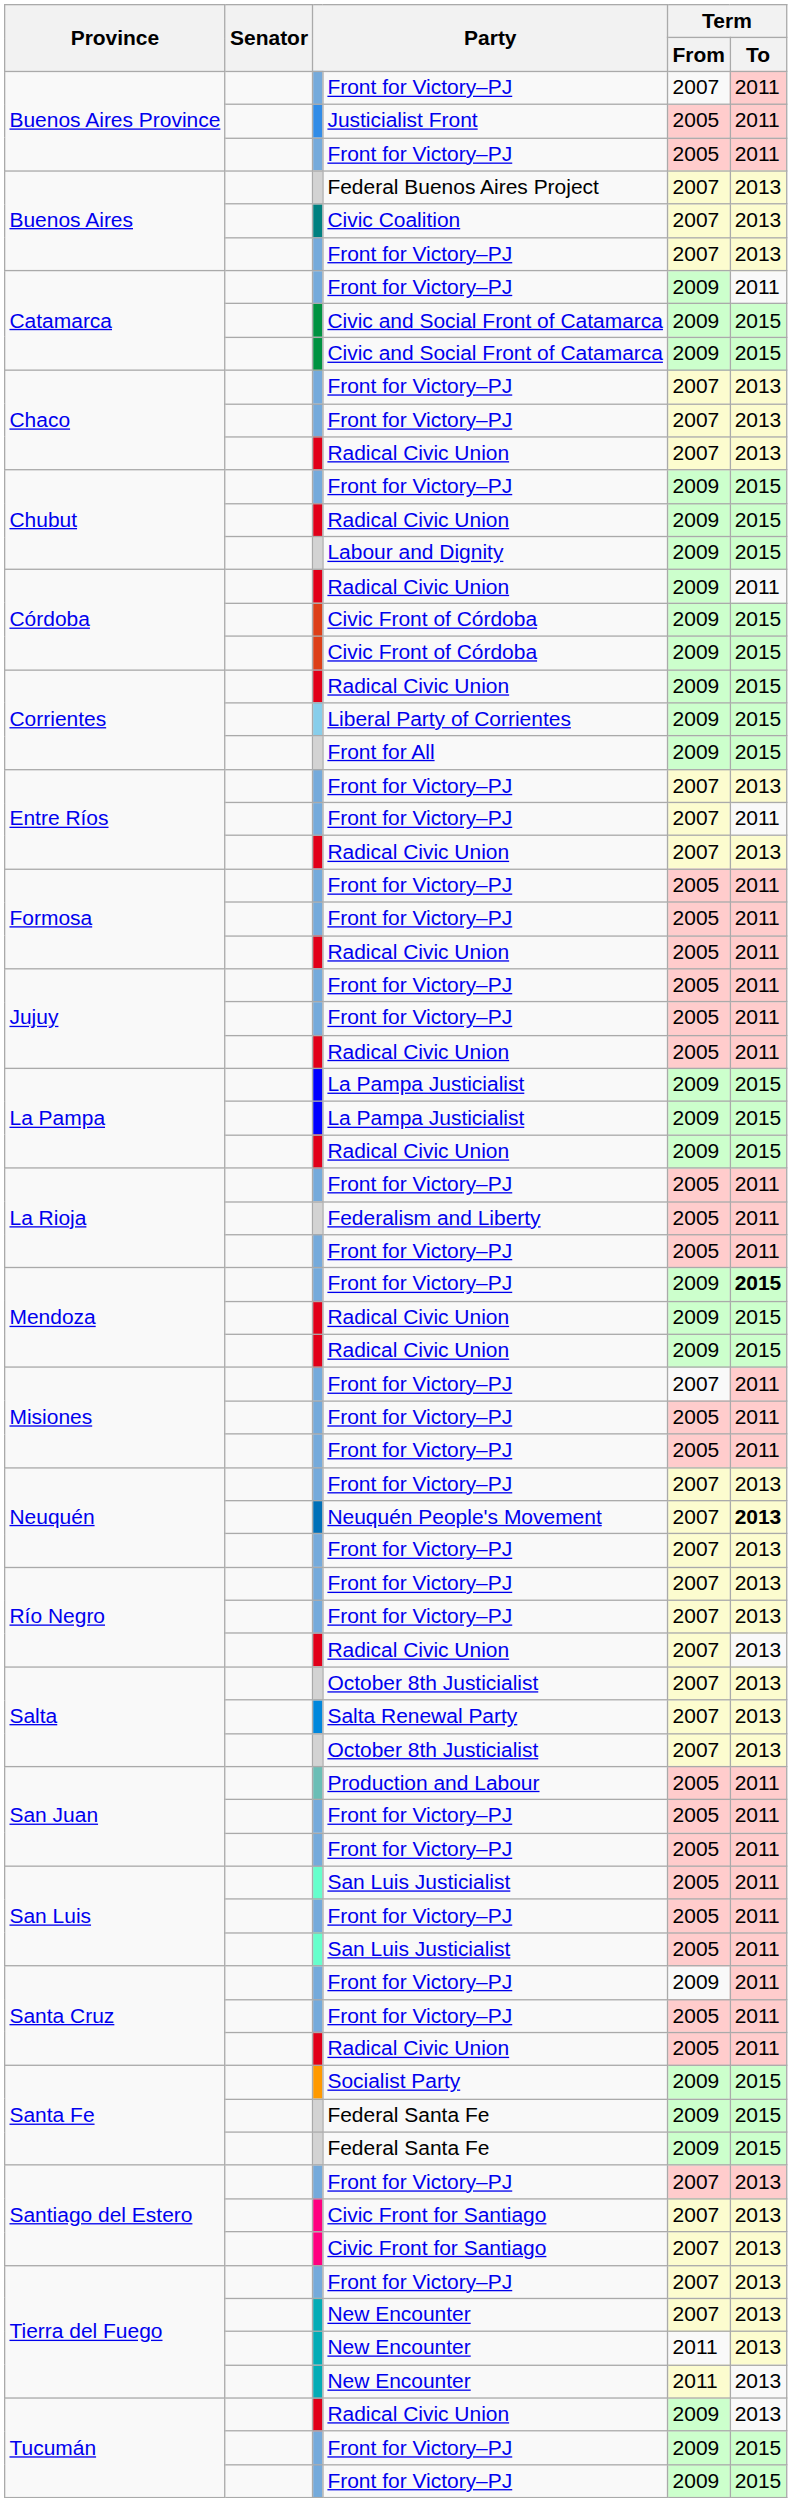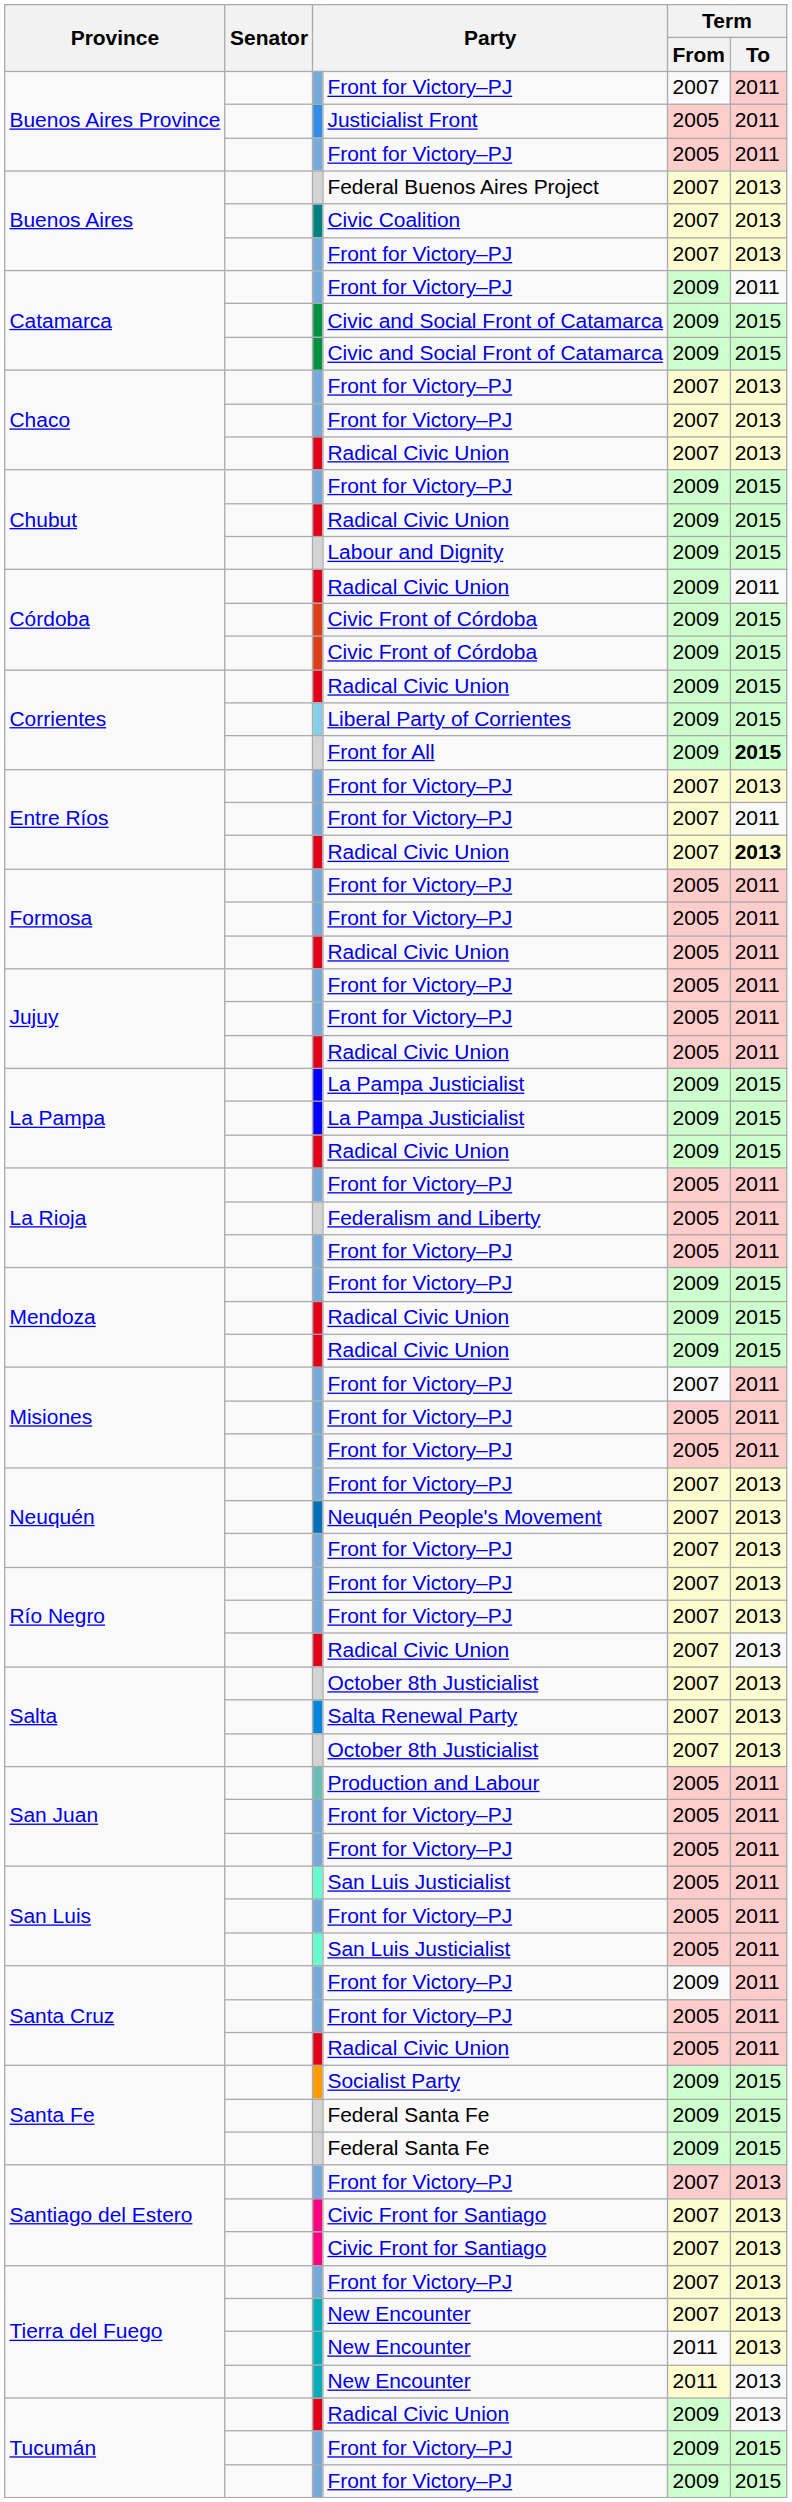 <table class="sortable wikitable">
 <tr>
 <th rowspan=2>Province</th>
 <th rowspan=2>Senator</th>
 <th colspan=2 rowspan=2>Party</th>
 <th colspan=2>Term</th>
 </tr>
 <tr>
 <th>From</th>
 <th>To</th>
 </tr>
 <tr>
 <td rowspan=3><a href='#'>Buenos Aires Province</a></td>
 <td></td>
 <td bgcolor=#75AADB></td>
 <td><a href='#'>Front for Victory–PJ</a></td>
 <td>2007</td>
 <td bgcolor=#fcc>2011</td>
 </tr>
 <tr>
 <td></td>
 <td bgcolor=#318CE7></td>
 <td><a href='#'>Justicialist Front</a></td>
 <td bgcolor=#fcc>2005</td>
 <td bgcolor=#fcc>2011</td>
 </tr>
 <tr>
 <td></td>
 <td bgcolor=#75AADB></td>
 <td><a href='#'>Front for Victory–PJ</a></td>
 <td bgcolor=#fcc>2005</td>
 <td bgcolor=#fcc>2011</td>
 </tr>
 <tr>
 <td rowspan=3><a href='#'>Buenos Aires</a></td>
 <td></td>
 <td bgcolor=#D3D3D3></td>
 <td>Federal Buenos Aires Project</td>
 <td bgcolor="#fcfccf">2007</td>
 <td bgcolor="#fcfccf">2013</td>
 </tr>
 <tr>
 <td></td>
 <td bgcolor=#008080></td>
 <td><a href='#'>Civic Coalition</a></td>
 <td bgcolor="#fcfccf">2007</td>
 <td bgcolor="#fcfccf">2013</td>
 </tr>
 <tr>
 <td></td>
 <td bgcolor=#75AADB></td>
 <td><a href='#'>Front for Victory–PJ</a></td>
 <td bgcolor="#fcfccf">2007</td>
 <td bgcolor="#fcfccf">2013</td>
 </tr>
 <tr>
 <td rowspan=3><a href='#'>Catamarca</a></td>
 <td></td>
 <td bgcolor=#75AADB></td>
 <td><a href='#'>Front for Victory–PJ</a></td>
 <td bgcolor=#cfc>2009</td>
 <td>2011</td>
 </tr>
 <tr>
 <td></td>
 <td bgcolor=#009241></td>
 <td><a href='#'>Civic and Social Front of Catamarca</a></td>
 <td bgcolor=#cfc>2009</td>
 <td bgcolor=#cfc>2015</td>
 </tr>
 <tr>
 <td></td>
 <td bgcolor=#009241></td>
 <td><a href='#'>Civic and Social Front of Catamarca</a></td>
 <td bgcolor=#cfc>2009</td>
 <td bgcolor=#cfc>2015</td>
 </tr>
 <tr>
 <td rowspan=3><a href='#'>Chaco</a></td>
 <td></td>
 <td bgcolor=#75AADB></td>
 <td><a href='#'>Front for Victory–PJ</a></td>
 <td bgcolor="#fcfccf">2007</td>
 <td bgcolor="#fcfccf">2013</td>
 </tr>
 <tr>
 <td></td>
 <td bgcolor=#75AADB></td>
 <td><a href='#'>Front for Victory–PJ</a></td>
 <td bgcolor="#fcfccf">2007</td>
 <td bgcolor="#fcfccf">2013</td>
 </tr>
 <tr>
 <td></td>
 <td bgcolor=#E10019></td>
 <td><a href='#'>Radical Civic Union</a></td>
 <td bgcolor="#fcfccf">2007</td>
 <td bgcolor="#fcfccf">2013</td>
 </tr>
 <tr>
 <td rowspan=3><a href='#'>Chubut</a></td>
 <td></td>
 <td bgcolor=#75AADB></td>
 <td><a href='#'>Front for Victory–PJ</a></td>
 <td bgcolor=#cfc>2009</td>
 <td bgcolor=#cfc>2015</td>
 </tr>
 <tr>
 <td></td>
 <td bgcolor=#E10019></td>
 <td><a href='#'>Radical Civic Union</a></td>
 <td bgcolor=#cfc>2009</td>
 <td bgcolor=#cfc>2015</td>
 </tr>
 <tr>
 <td></td>
 <td bgcolor=#D3D3D3></td>
 <td><a href='#'>Labour and Dignity</a></td>
 <td bgcolor=#cfc>2009</td>
 <td bgcolor=#cfc>2015</td>
 </tr>
 <tr>
 <td rowspan=3><a href='#'>Córdoba</a></td>
 <td></td>
 <td bgcolor=#E10019></td>
 <td><a href='#'>Radical Civic Union</a></td>
 <td bgcolor=#cfc>2009</td>
 <td>2011</td>
 </tr>
 <tr>
 <td></td>
 <td bgcolor=#dd3f18></td>
 <td><a href='#'>Civic Front of Córdoba</a></td>
 <td bgcolor=#cfc>2009</td>
 <td bgcolor=#cfc>2015</td>
 </tr>
 <tr>
 <td></td>
 <td bgcolor=#dd3f18></td>
 <td><a href='#'>Civic Front of Córdoba</a></td>
 <td bgcolor=#cfc>2009</td>
 <td bgcolor=#cfc>2015</td>
 </tr>
 <tr>
 <td rowspan=3><a href='#'>Corrientes</a></td>
 <td></td>
 <td bgcolor=#E10019></td>
 <td><a href='#'>Radical Civic Union</a></td>
 <td bgcolor=#cfc>2009</td>
 <td bgcolor=#cfc>2015</td>
 </tr>
 <tr>
 <td></td>
 <td bgcolor=skyblue></td>
 <td><a href='#'>Liberal Party of Corrientes</a></td>
 <td bgcolor=#cfc>2009</td>
 <td bgcolor=#cfc>2015</td>
 </tr>
 <tr>
 <td></td>
 <td bgcolor=#D3D3D3></td>
 <td><a href='#'>Front for All</a></td>
 <td bgcolor=#cfc>2009</td>
-<td bgcolor=#cfc>2015</td>
+<td bgcolor=#cfc><strong>2015</strong></td>
 </tr>
 <tr>
 <td rowspan=3><a href='#'>Entre Ríos</a></td>
 <td></td>
 <td bgcolor=#75AADB></td>
 <td><a href='#'>Front for Victory–PJ</a></td>
 <td bgcolor="#fcfccf">2007</td>
 <td bgcolor="#fcfccf">2013</td>
 </tr>
 <tr>
 <td></td>
 <td bgcolor=#75AADB></td>
 <td><a href='#'>Front for Victory–PJ</a></td>
 <td bgcolor="#fcfccf">2007</td>
 <td>2011</td>
 </tr>
 <tr>
 <td></td>
 <td bgcolor=#E10019></td>
 <td><a href='#'>Radical Civic Union</a></td>
 <td bgcolor="#fcfccf">2007</td>
-<td bgcolor="#fcfccf">2013</td>
+<td bgcolor="#fcfccf"><strong>2013</strong></td>
 </tr>
 <tr>
 <td rowspan=3><a href='#'>Formosa</a></td>
 <td></td>
 <td bgcolor=#75AADB></td>
 <td><a href='#'>Front for Victory–PJ</a></td>
 <td bgcolor=#fcc>2005</td>
 <td bgcolor=#fcc>2011</td>
 </tr>
 <tr>
 <td></td>
 <td bgcolor=#75AADB></td>
 <td><a href='#'>Front for Victory–PJ</a></td>
 <td bgcolor=#fcc>2005</td>
 <td bgcolor=#fcc>2011</td>
 </tr>
 <tr>
 <td></td>
 <td bgcolor=#E10019></td>
 <td><a href='#'>Radical Civic Union</a></td>
 <td bgcolor=#fcc>2005</td>
 <td bgcolor=#fcc>2011</td>
 </tr>
 <tr>
 <td rowspan=3><a href='#'>Jujuy</a></td>
 <td></td>
 <td bgcolor=#75AADB></td>
 <td><a href='#'>Front for Victory–PJ</a></td>
 <td bgcolor=#fcc>2005</td>
 <td bgcolor=#fcc>2011</td>
 </tr>
 <tr>
 <td></td>
 <td bgcolor=#75AADB></td>
 <td><a href='#'>Front for Victory–PJ</a></td>
 <td bgcolor=#fcc>2005</td>
 <td bgcolor=#fcc>2011</td>
 </tr>
 <tr>
 <td></td>
 <td bgcolor=#E10019></td>
 <td><a href='#'>Radical Civic Union</a></td>
 <td bgcolor=#fcc>2005</td>
 <td bgcolor=#fcc>2011</td>
 </tr>
 <tr>
 <td rowspan=3><a href='#'>La Pampa</a></td>
 <td></td>
 <td bgcolor=blue></td>
 <td><a href='#'>La Pampa Justicialist</a></td>
 <td bgcolor=#cfc>2009</td>
 <td bgcolor=#cfc>2015</td>
 </tr>
 <tr>
 <td></td>
 <td bgcolor=blue></td>
 <td><a href='#'>La Pampa Justicialist</a></td>
 <td bgcolor=#cfc>2009</td>
 <td bgcolor=#cfc>2015</td>
 </tr>
 <tr>
 <td></td>
 <td bgcolor=#E10019></td>
 <td><a href='#'>Radical Civic Union</a></td>
 <td bgcolor=#cfc>2009</td>
 <td bgcolor=#cfc>2015</td>
 </tr>
 <tr>
 <td rowspan=3><a href='#'>La Rioja</a></td>
 <td></td>
 <td bgcolor=#75AADB></td>
 <td><a href='#'>Front for Victory–PJ</a></td>
 <td bgcolor=#fcc>2005</td>
 <td bgcolor=#fcc>2011</td>
 </tr>
 <tr>
 <td></td>
 <td bgcolor=#D3D3D3></td>
 <td><a href='#'>Federalism and Liberty</a></td>
 <td bgcolor=#fcc>2005</td>
 <td bgcolor=#fcc>2011</td>
 </tr>
 <tr>
 <td></td>
 <td bgcolor=#75AADB></td>
 <td><a href='#'>Front for Victory–PJ</a></td>
 <td bgcolor=#fcc>2005</td>
 <td bgcolor=#fcc>2011</td>
 </tr>
 <tr>
 <td rowspan=3><a href='#'>Mendoza</a></td>
 <td></td>
 <td bgcolor=#75AADB></td>
 <td><a href='#'>Front for Victory–PJ</a></td>
 <td bgcolor=#cfc>2009</td>
-<td bgcolor=#cfc><strong>2015</strong></td>
+<td bgcolor=#cfc>2015</td>
 </tr>
 <tr>
 <td></td>
 <td bgcolor=#E10019></td>
 <td><a href='#'>Radical Civic Union</a></td>
 <td bgcolor=#cfc>2009</td>
 <td bgcolor=#cfc>2015</td>
 </tr>
 <tr>
 <td></td>
 <td bgcolor=#E10019></td>
 <td><a href='#'>Radical Civic Union</a></td>
 <td bgcolor=#cfc>2009</td>
 <td bgcolor=#cfc>2015</td>
 </tr>
 <tr>
 <td rowspan=3><a href='#'>Misiones</a></td>
 <td></td>
 <td bgcolor=#75AADB></td>
 <td><a href='#'>Front for Victory–PJ</a></td>
 <td>2007</td>
 <td bgcolor=#fcc>2011</td>
 </tr>
 <tr>
 <td></td>
 <td bgcolor=#75AADB></td>
 <td><a href='#'>Front for Victory–PJ</a></td>
 <td bgcolor=#fcc>2005</td>
 <td bgcolor=#fcc>2011</td>
 </tr>
 <tr>
 <td></td>
 <td bgcolor=#75AADB></td>
 <td><a href='#'>Front for Victory–PJ</a></td>
 <td bgcolor=#fcc>2005</td>
 <td bgcolor=#fcc>2011</td>
 </tr>
 <tr>
 <td rowspan=3><a href='#'>Neuquén</a></td>
 <td></td>
 <td bgcolor=#75AADB></td>
 <td><a href='#'>Front for Victory–PJ</a></td>
 <td bgcolor="#fcfccf">2007</td>
 <td bgcolor="#fcfccf">2013</td>
 </tr>
 <tr>
 <td></td>
 <td bgcolor=#0070b8></td>
 <td><a href='#'>Neuquén People's Movement</a></td>
 <td bgcolor="#fcfccf">2007</td>
-<td bgcolor="#fcfccf"><strong>2013</strong></td>
+<td bgcolor="#fcfccf">2013</td>
 </tr>
 <tr>
 <td></td>
 <td bgcolor=#75AADB></td>
 <td><a href='#'>Front for Victory–PJ</a></td>
 <td bgcolor="#fcfccf">2007</td>
 <td bgcolor="#fcfccf">2013</td>
 </tr>
 <tr>
 <td rowspan=3><a href='#'>Río Negro</a></td>
 <td></td>
 <td bgcolor=#75AADB></td>
 <td><a href='#'>Front for Victory–PJ</a></td>
 <td bgcolor="#fcfccf">2007</td>
 <td bgcolor="#fcfccf">2013</td>
 </tr>
 <tr>
 <td></td>
 <td bgcolor=#75AADB></td>
 <td><a href='#'>Front for Victory–PJ</a></td>
 <td bgcolor="#fcfccf">2007</td>
 <td bgcolor="#fcfccf">2013</td>
 </tr>
 <tr>
 <td></td>
 <td bgcolor=#E10019></td>
 <td><a href='#'>Radical Civic Union</a></td>
 <td bgcolor="#fcfccf">2007</td>
 <td>2013</td>
 </tr>
 <tr>
 <td rowspan=3><a href='#'>Salta</a></td>
 <td></td>
 <td bgcolor=#D3D3D3></td>
 <td><a href='#'>October 8th Justicialist</a></td>
 <td bgcolor="#fcfccf">2007</td>
 <td bgcolor="#fcfccf">2013</td>
 </tr>
 <tr>
 <td></td>
 <td bgcolor=#0087DC></td>
 <td><a href='#'>Salta Renewal Party</a></td>
 <td bgcolor="#fcfccf">2007</td>
 <td bgcolor="#fcfccf">2013</td>
 </tr>
 <tr>
 <td></td>
 <td bgcolor=#D3D3D3></td>
 <td><a href='#'>October 8th Justicialist</a></td>
 <td bgcolor="#fcfccf">2007</td>
 <td bgcolor="#fcfccf">2013</td>
 </tr>
 <tr>
 <td rowspan=3><a href='#'>San Juan</a></td>
 <td></td>
 <td bgcolor=#6bbeb6></td>
 <td><a href='#'>Production and Labour</a></td>
 <td bgcolor=#fcc>2005</td>
 <td bgcolor=#fcc>2011</td>
 </tr>
 <tr>
 <td></td>
 <td bgcolor=#75AADB></td>
 <td><a href='#'>Front for Victory–PJ</a></td>
 <td bgcolor=#fcc>2005</td>
 <td bgcolor=#fcc>2011</td>
 </tr>
 <tr>
 <td></td>
 <td bgcolor=#75AADB></td>
 <td><a href='#'>Front for Victory–PJ</a></td>
 <td bgcolor=#fcc>2005</td>
 <td bgcolor=#fcc>2011</td>
 </tr>
 <tr>
 <td rowspan=3><a href='#'>San Luis</a></td>
 <td></td>
 <td bgcolor=#66FFCC></td>
 <td><a href='#'>San Luis Justicialist</a></td>
 <td bgcolor=#fcc>2005</td>
 <td bgcolor=#fcc>2011</td>
 </tr>
 <tr>
 <td></td>
 <td bgcolor=#75AADB></td>
 <td><a href='#'>Front for Victory–PJ</a></td>
 <td bgcolor=#fcc>2005</td>
 <td bgcolor=#fcc>2011</td>
 </tr>
 <tr>
 <td></td>
 <td bgcolor=#66FFCC></td>
 <td><a href='#'>San Luis Justicialist</a></td>
 <td bgcolor=#fcc>2005</td>
 <td bgcolor=#fcc>2011</td>
 </tr>
 <tr>
 <td rowspan=3><a href='#'>Santa Cruz</a></td>
 <td></td>
 <td bgcolor=#75AADB></td>
 <td><a href='#'>Front for Victory–PJ</a></td>
 <td>2009</td>
 <td bgcolor=#fcc>2011</td>
 </tr>
 <tr>
 <td></td>
 <td bgcolor=#75AADB></td>
 <td><a href='#'>Front for Victory–PJ</a></td>
 <td bgcolor=#fcc>2005</td>
 <td bgcolor=#fcc>2011</td>
 </tr>
 <tr>
 <td></td>
 <td bgcolor=#E10019></td>
 <td><a href='#'>Radical Civic Union</a></td>
 <td bgcolor=#fcc>2005</td>
 <td bgcolor=#fcc>2011</td>
 </tr>
 <tr>
 <td rowspan=3><a href='#'>Santa Fe</a></td>
 <td></td>
 <td bgcolor=#FF9900></td>
 <td><a href='#'>Socialist Party</a></td>
 <td bgcolor=#cfc>2009</td>
 <td bgcolor=#cfc>2015</td>
 </tr>
 <tr>
 <td></td>
 <td bgcolor=#D3D3D3></td>
 <td>Federal Santa Fe</td>
 <td bgcolor=#cfc>2009</td>
 <td bgcolor=#cfc>2015</td>
 </tr>
 <tr>
 <td></td>
 <td bgcolor=#D3D3D3></td>
 <td>Federal Santa Fe</td>
 <td bgcolor=#cfc>2009</td>
 <td bgcolor=#cfc>2015</td>
 </tr>
 <tr>
 <td rowspan=3><a href='#'>Santiago del Estero</a></td>
 <td></td>
 <td bgcolor=#75AADB></td>
 <td><a href='#'>Front for Victory–PJ</a></td>
 <td bgcolor="#fcc">2007</td>
 <td bgcolor="#fcc">2013</td>
 </tr>
 <tr>
 <td></td>
 <td bgcolor=#FF0080></td>
 <td><a href='#'>Civic Front for Santiago</a></td>
 <td bgcolor="#fcfccf">2007</td>
 <td bgcolor="#fcfccf">2013</td>
 </tr>
 <tr>
 <td></td>
 <td bgcolor=#FF0080></td>
 <td><a href='#'>Civic Front for Santiago</a></td>
 <td bgcolor="#fcfccf">2007</td>
 <td bgcolor="#fcfccf">2013</td>
 </tr>
 <tr>
 <td rowspan=4><a href='#'>Tierra del Fuego</a></td>
 <td></td>
 <td bgcolor=#75AADB></td>
 <td><a href='#'>Front for Victory–PJ</a></td>
 <td bgcolor="#fcfccf">2007</td>
 <td bgcolor="#fcfccf">2013</td>
 </tr>
 <tr>
 <td></td>
 <td bgcolor=#03ACB6></td>
 <td><a href='#'>New Encounter</a></td>
 <td bgcolor="#fcfccf">2007</td>
 <td bgcolor="#fcfccf">2013</td>
 </tr>
 <tr>
 <td></td>
 <td bgcolor=#03ACB6></td>
 <td><a href='#'>New Encounter</a></td>
 <td>2011</td>
 <td bgcolor="#fcfccf">2013</td>
 </tr>
 <tr>
 <td></td>
 <td bgcolor=#03ACB6></td>
 <td><a href='#'>New Encounter</a></td>
 <td bgcolor="#fcfccf">2011</td>
 <td>2013</td>
 </tr>
 <tr>
 <td rowspan=3><a href='#'>Tucumán</a></td>
 <td></td>
 <td bgcolor=#E10019></td>
 <td><a href='#'>Radical Civic Union</a></td>
 <td bgcolor=#cfc>2009</td>
 <td>2013</td>
 </tr>
 <tr>
 <td></td>
 <td bgcolor=#75AADB></td>
 <td><a href='#'>Front for Victory–PJ</a></td>
 <td bgcolor=#cfc>2009</td>
 <td bgcolor=#cfc>2015</td>
 </tr>
 <tr>
 <td></td>
 <td bgcolor=#75AADB></td>
 <td><a href='#'>Front for Victory–PJ</a></td>
 <td bgcolor=#cfc>2009</td>
 <td bgcolor=#cfc>2015</td>
 </tr>
 </table>
